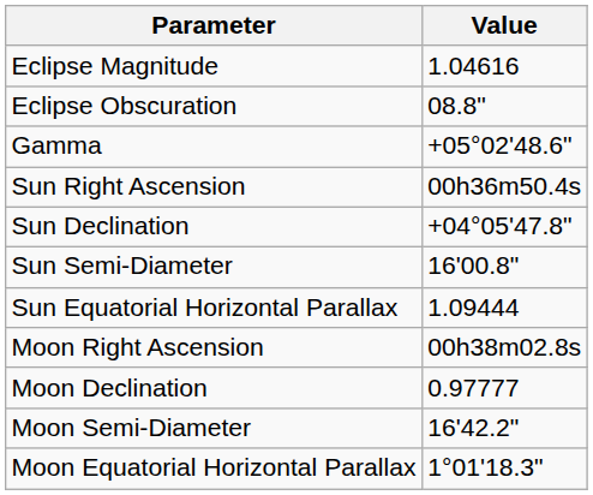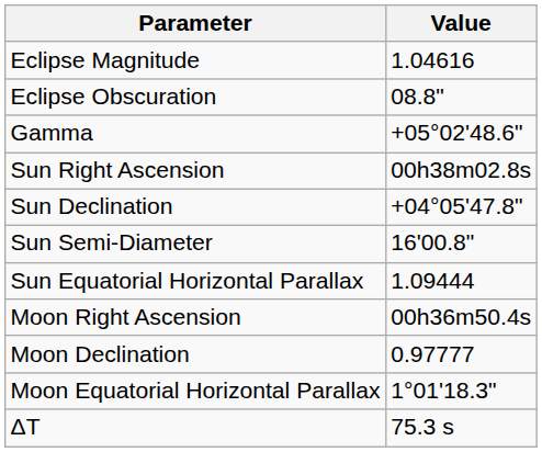 <table class="wikitable">
 <tr>
 <th>Parameter</th>
 <th>Value</th>
 </tr>
 <tr>
 <td>Eclipse Magnitude</td>
 <td>1.04616</td>
 </tr>
 <tr>
 <td>Eclipse Obscuration</td>
 <td>08.8"</td>
 </tr>
 <tr>
 <td>Gamma</td>
 <td>+05°02'48.6"</td>
 </tr>
 <tr>
 <td>Sun Right Ascension</td>
-<td>00h36m50.4s</td>
+<td>00h38m02.8s</td>
 </tr>
 <tr>
 <td>Sun Declination</td>
 <td>+04°05'47.8"</td>
 </tr>
 <tr>
 <td>Sun Semi-Diameter</td>
 <td>16'00.8"</td>
 </tr>
 <tr>
 <td>Sun Equatorial Horizontal Parallax</td>
 <td>1.09444</td>
 </tr>
 <tr>
 <td>Moon Right Ascension</td>
-<td>00h38m02.8s</td>
+<td>00h36m50.4s</td>
 </tr>
 <tr>
 <td>Moon Declination</td>
 <td>0.97777</td>
 </tr>
 <tr>
-<td>Moon Semi-Diameter</td>
-<td>16'42.2"</td>
-</tr>
-<tr>
 <td>Moon Equatorial Horizontal Parallax</td>
 <td>1°01'18.3"</td>
 </tr>
+<tr>
+<td>ΔT</td>
+<td>75.3 s</td>
+</tr>
 </table>
